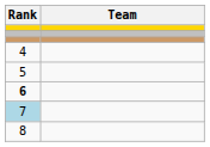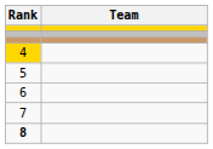 <table class="wikitable">
 <tr>
 <th>Rank</th>
 <th width=170>Team</th>
 </tr>
 <tr bgcolor=gold>
 <td align=center></td>
 <td></td>
 </tr>
 <tr bgcolor=silver>
 <td align=center></td>
 <td></td>
 </tr>
 <tr bgcolor=#cc9966>
 <td align=center></td>
 <td></td>
 </tr>
 <tr>
-<td align=center>4</td>
+<td align=center style="background: gold;">4</td>
 <td></td>
 </tr>
 <tr>
 <td align=center>5</td>
 <td></td>
 </tr>
 <tr>
-<td align=center><strong>6</strong></td>
+<td align=center>6</td>
 <td></td>
 </tr>
 <tr>
-<td align=center style="background: lightblue;">7</td>
+<td align=center>7</td>
 <td></td>
 </tr>
 <tr>
-<td align=center>8</td>
+<td align=center><strong>8</strong></td>
 <td></td>
 </tr>
 </table>
